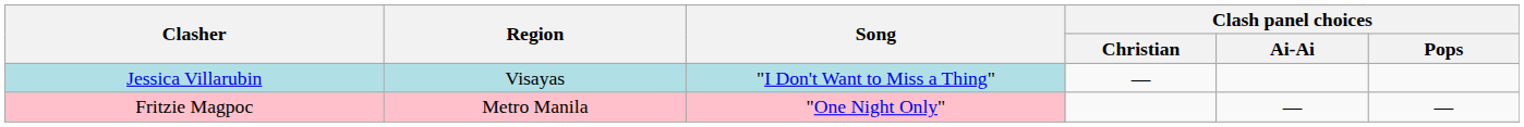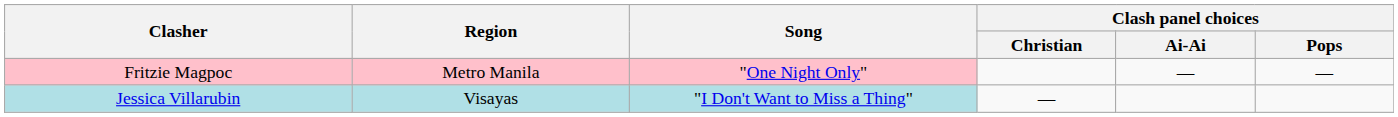 <table class="wikitable" style="text-align:center; line-height:17px; width:100%;">
 <tr>
 <th rowspan="2" width="25%">Clasher</th>
 <th rowspan="2">Region</th>
 <th rowspan="2" width="25%">Song</th>
 <th colspan="3" width="30%">Clash panel choices</th>
 </tr>
 <tr>
 <th width="10%">Christian</th>
 <th width="10%">Ai-Ai</th>
 <th width="10%">Pops</th>
 </tr>
 <tr>
+<td style="background:pink;">Fritzie Magpoc</td>
+<td style="background:pink;">Metro Manila</td>
+<td style="background:pink;">"<a href='#'>One Night Only</a>"</td>
+<td><strong></strong></td>
+<td>—</td>
+<td>—</td>
+</tr>
+<tr>
 <td style="background:#b0e0e6;"><a href='#'>Jessica Villarubin</a></td>
 <td style="background:#b0e0e6;">Visayas</td>
 <td style="background:#b0e0e6;">"<a href='#'>I Don't Want to Miss a Thing</a>"</td>
 <td>—</td>
 <td><strong></strong></td>
 <td><strong></strong></td>
 </tr>
-<tr>
-<td style="background:pink;">Fritzie Magpoc</td>
-<td style="background:pink;">Metro Manila</td>
-<td style="background:pink;">"<a href='#'>One Night Only</a>"</td>
-<td><strong></strong></td>
-<td>—</td>
-<td>—</td>
-</tr>
 </table>
